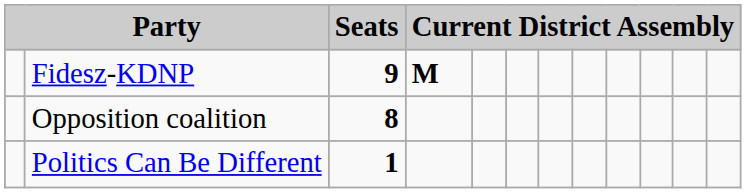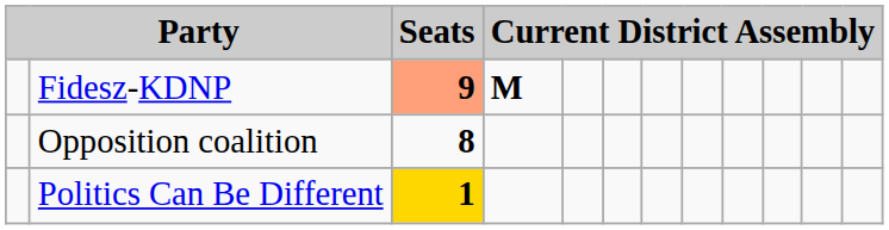 <table class="wikitable">
 <tr>
 <th style="background:#ccc" colspan="2">Party</th>
 <th style="background:#ccc">Seats</th>
 <th style="background:#ccc" colspan="17">Current District Assembly</th>
 </tr>
 <tr>
 <td style="background-color: "> </td>
 <td><a href='#'>Fidesz</a>-<a href='#'>KDNP</a></td>
-<td style="text-align: right"><strong>9</strong></td>
+<td style="background: lightsalmon; text-align: right"><strong>9</strong></td>
 <td style="background-color: "><span><strong>M</strong></span></td>
 <td style="background-color: "> </td>
 <td style="background-color: "> </td>
 <td style="background-color: "> </td>
 <td style="background-color: "> </td>
 <td style="background-color: "> </td>
 <td style="background-color: "> </td>
 <td style="background-color: "> </td>
 <td style="background-color: "> </td>
 </tr>
 <tr>
 <td style="background-color: "> </td>
 <td>Opposition coalition</td>
 <td style="text-align: right"><strong>8</strong></td>
 <td style="background-color: "> </td>
 <td style="background-color: "> </td>
 <td style="background-color: "> </td>
 <td style="background-color: "> </td>
 <td style="background-color: "> </td>
 <td style="background-color: "> </td>
 <td style="background-color: "> </td>
 <td style="background-color: "> </td>
 <td> </td>
 </tr>
 <tr>
 <td style="background-color: "> </td>
 <td><a href='#'>Politics Can Be Different</a></td>
-<td style="text-align: right"><strong>1</strong></td>
+<td style="background: gold; text-align: right"><strong>1</strong></td>
 <td style="background-color: "> </td>
 <td> </td>
 <td> </td>
 <td> </td>
 <td> </td>
 <td> </td>
 <td> </td>
 <td> </td>
 <td> </td>
 </tr>
 </table>
